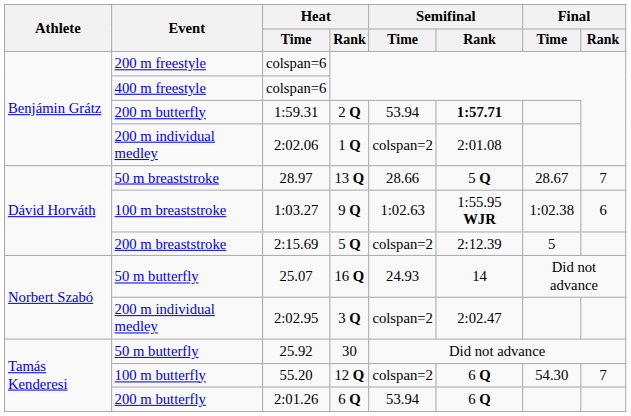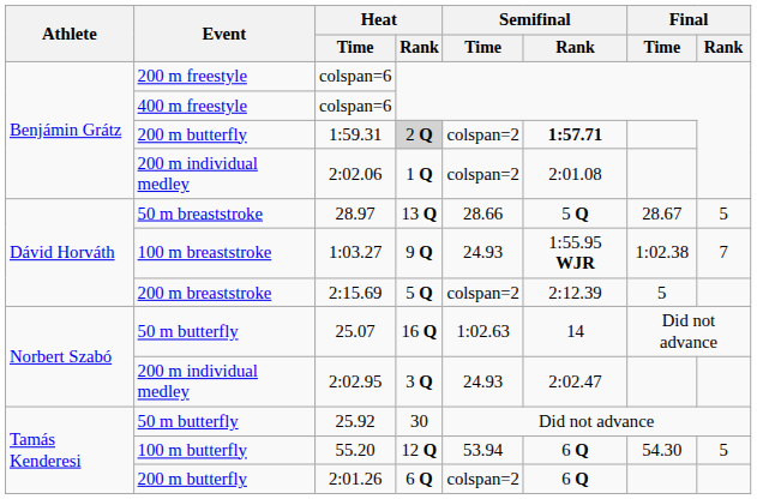 <table class=wikitable style="font-size:90%">
 <tr>
 <th rowspan=2>Athlete</th>
 <th rowspan=2>Event</th>
 <th colspan="2">Heat</th>
 <th colspan="2">Semifinal</th>
 <th colspan="2">Final</th>
 </tr>
 <tr style="font-size:95%">
 <th>Time</th>
 <th>Rank</th>
 <th>Time</th>
 <th>Rank</th>
 <th>Time</th>
 <th>Rank</th>
 </tr>
 <tr align=center>
 <td align=left rowspan=4><a href='#'>Benjámin Grátz</a></td>
 <td align=left><a href='#'>200 m freestyle</a></td>
 <td>colspan=6 </td>
 </tr>
 <tr align=center>
 <td align=left><a href='#'>400 m freestyle</a></td>
 <td>colspan=6 </td>
 </tr>
 <tr align=center>
 <td align=left><a href='#'>200 m butterfly</a></td>
 <td>1:59.31</td>
-<td>2 <strong>Q</strong></td>
-<td>53.94</td>
+<td style="background: lightgrey;">2 <strong>Q</strong></td>
+<td>colspan=2 </td>
 <td><strong>1:57.71</strong></td>
 <td></td>
 </tr>
 <tr align=center>
 <td align=left><a href='#'>200 m individual medley</a></td>
 <td>2:02.06</td>
 <td>1 <strong>Q</strong></td>
 <td>colspan=2 </td>
 <td>2:01.08</td>
 <td></td>
 </tr>
 <tr align=center>
 <td align=left rowspan=3><a href='#'>Dávid Horváth</a></td>
 <td align=left><a href='#'>50 m breaststroke</a></td>
 <td>28.97</td>
 <td>13 <strong>Q</strong></td>
 <td>28.66</td>
 <td>5 <strong>Q</strong></td>
 <td>28.67</td>
-<td>7</td>
+<td>5</td>
 </tr>
 <tr align=center>
 <td align=left><a href='#'>100 m breaststroke</a></td>
 <td>1:03.27</td>
 <td>9 <strong>Q</strong></td>
-<td>1:02.63</td>
+<td>24.93</td>
 <td>1:55.95 <strong>WJR</strong></td>
 <td>1:02.38</td>
-<td>6</td>
+<td>7</td>
 </tr>
 <tr align=center>
 <td align=left><a href='#'>200 m breaststroke</a></td>
 <td>2:15.69</td>
 <td>5 <strong>Q</strong></td>
 <td>colspan=2 </td>
 <td>2:12.39</td>
 <td>5</td>
 </tr>
 <tr align=center>
 <td align=left rowspan=2><a href='#'>Norbert Szabó</a></td>
 <td align=left><a href='#'>50 m butterfly</a></td>
 <td>25.07</td>
 <td>16 <strong>Q</strong></td>
-<td>24.93</td>
+<td>1:02.63</td>
 <td>14</td>
 <td colspan=2>Did not advance</td>
 </tr>
 <tr align=center>
 <td align=left><a href='#'>200 m individual medley</a></td>
 <td>2:02.95</td>
 <td>3 <strong>Q</strong></td>
-<td>colspan=2 </td>
+<td>24.93</td>
 <td>2:02.47</td>
 <td></td>
 </tr>
 <tr align=center>
 <td align=left rowspan=3><a href='#'>Tamás Kenderesi</a></td>
 <td align=left><a href='#'>50 m butterfly</a></td>
 <td>25.92</td>
 <td>30</td>
 <td colspan=4>Did not advance</td>
 </tr>
 <tr align=center>
 <td align=left><a href='#'>100 m butterfly</a></td>
 <td>55.20</td>
 <td>12 <strong>Q</strong></td>
-<td>colspan=2 </td>
+<td>53.94</td>
 <td>6 <strong>Q</strong></td>
 <td>54.30</td>
-<td>7</td>
+<td>5</td>
 </tr>
 <tr align=center>
 <td align=left><a href='#'>200 m butterfly</a></td>
 <td>2:01.26</td>
 <td>6 <strong>Q</strong></td>
-<td>53.94</td>
+<td>colspan=2 </td>
 <td>6 <strong>Q</strong></td>
 <td></td>
 </tr>
 </table>
